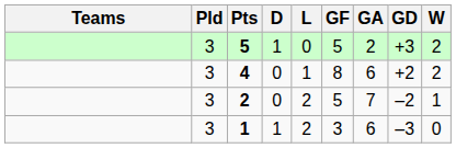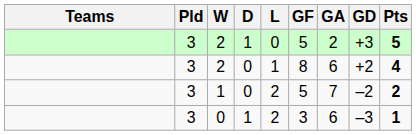 <table class="wikitable" style="text-align: center;">
 <tr>
 <th width=165>Teams</th>
 <th width=20>Pld</th>
-<th width=20>Pts</th>
+<th width=20>W</th>
 <th width=20>D</th>
 <th width=20>L</th>
 <th width=20>GF</th>
 <th width=20>GA</th>
 <th width=20>GD</th>
-<th width=20>W</th>
+<th width=20>Pts</th>
 </tr>
 <tr align=center style="background:#ccffcc;">
 <td style="text-align:left;"></td>
 <td>3</td>
-<td><strong>5</strong></td>
+<td>2</td>
 <td>1</td>
 <td>0</td>
 <td>5</td>
 <td>2</td>
 <td>+3</td>
-<td>2</td>
+<td><strong>5</strong></td>
 </tr>
 <tr align=center>
 <td style="text-align:left;"></td>
 <td>3</td>
-<td><strong>4</strong></td>
+<td>2</td>
 <td>0</td>
 <td>1</td>
 <td>8</td>
 <td>6</td>
 <td>+2</td>
-<td>2</td>
+<td><strong>4</strong></td>
 </tr>
 <tr align=center>
 <td style="text-align:left;"></td>
 <td>3</td>
-<td><strong>2</strong></td>
+<td>1</td>
 <td>0</td>
 <td>2</td>
 <td>5</td>
 <td>7</td>
 <td>–2</td>
-<td>1</td>
+<td><strong>2</strong></td>
 </tr>
 <tr align=center>
 <td style="text-align:left;"></td>
 <td>3</td>
-<td><strong>1</strong></td>
+<td>0</td>
 <td>1</td>
 <td>2</td>
 <td>3</td>
 <td>6</td>
 <td>–3</td>
-<td>0</td>
+<td><strong>1</strong></td>
 </tr>
 </table>
